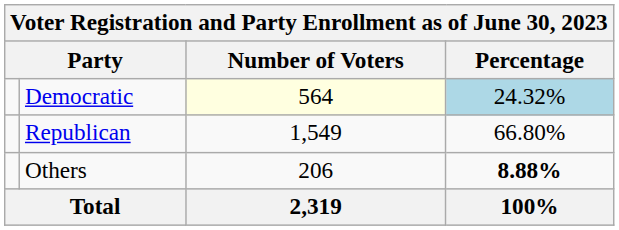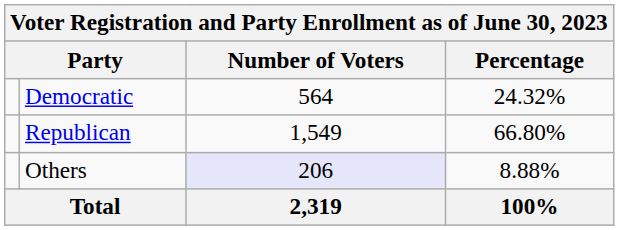 <table class=wikitable>
 <tr>
 <th colspan = 6>Voter Registration and Party Enrollment as of June 30, 2023</th>
 </tr>
 <tr>
 <th colspan = 2>Party</th>
 <th>Number of Voters</th>
 <th>Percentage</th>
 </tr>
 <tr>
 <td></td>
 <td><a href='#'>Democratic</a></td>
-<td align = center style="background: lightyellow;">564</td>
-<td align = center style="background: lightblue;">24.32%</td>
+<td align = center>564</td>
+<td align = center>24.32%</td>
 </tr>
 <tr>
 <td></td>
 <td><a href='#'>Republican</a></td>
 <td align = center>1,549</td>
 <td align = center>66.80%</td>
 </tr>
 <tr>
 <td></td>
 <td>Others</td>
-<td align = center>206</td>
-<td align = center><strong>8.88%</strong></td>
+<td align = center style="background: lavender;">206</td>
+<td align = center>8.88%</td>
 </tr>
 <tr>
 <th colspan = 2>Total</th>
 <th align = center>2,319</th>
 <th align = center>100%</th>
 </tr>
 </table>
